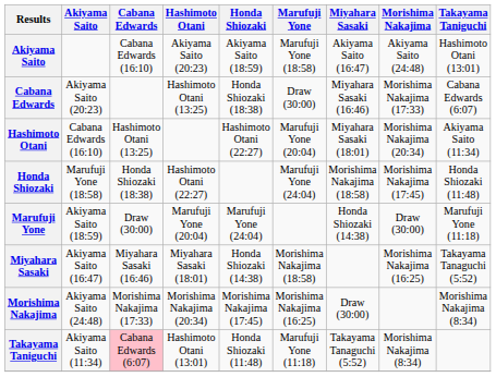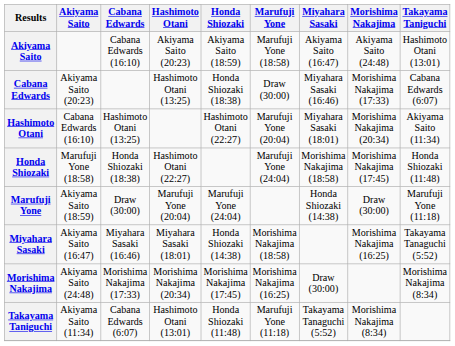 <table class="wikitable" style="margin: 1em auto 1em auto;text-align:center">
 <tr>
 <th>Results</th>
 <th><a href='#'>Akiyama</a><br><a href='#'>Saito</a></th>
 <th><a href='#'>Cabana</a><br><a href='#'>Edwards</a></th>
 <th><a href='#'>Hashimoto</a><br><a href='#'>Otani</a></th>
 <th><a href='#'>Honda</a><br><a href='#'>Shiozaki</a></th>
 <th><a href='#'>Marufuji</a><br><a href='#'>Yone</a></th>
 <th><a href='#'>Miyahara</a><br><a href='#'>Sasaki</a></th>
 <th><a href='#'>Morishima</a><br><a href='#'>Nakajima</a></th>
 <th><a href='#'>Takayama</a><br><a href='#'>Taniguchi</a></th>
 </tr>
 <tr>
 <th><a href='#'>Akiyama</a><br><a href='#'>Saito</a></th>
 <td></td>
 <td>Cabana<br>Edwards<br>(16:10)</td>
 <td>Akiyama<br>Saito<br>(20:23)</td>
 <td>Akiyama<br>Saito<br>(18:59)</td>
 <td>Marufuji<br>Yone<br>(18:58)</td>
 <td>Akiyama<br>Saito<br>(16:47)</td>
 <td>Akiyama<br>Saito<br>(24:48)</td>
 <td>Hashimoto<br>Otani<br>(13:01)</td>
 </tr>
 <tr>
 <th><a href='#'>Cabana</a><br><a href='#'>Edwards</a></th>
 <td>Akiyama<br>Saito<br>(20:23)</td>
 <td></td>
 <td>Hashimoto<br>Otani<br>(13:25)</td>
 <td>Honda<br>Shiozaki<br>(18:38)</td>
 <td>Draw<br>(30:00)</td>
 <td>Miyahara<br>Sasaki<br>(16:46)</td>
 <td>Morishima<br>Nakajima<br>(17:33)</td>
 <td>Cabana<br>Edwards<br>(6:07)</td>
 </tr>
 <tr>
 <th><a href='#'>Hashimoto</a><br><a href='#'>Otani</a></th>
 <td>Cabana<br>Edwards<br>(16:10)</td>
 <td>Hashimoto<br>Otani<br>(13:25)</td>
 <td></td>
 <td>Hashimoto<br>Otani<br>(22:27)</td>
 <td>Marufuji<br>Yone<br>(20:04)</td>
 <td>Miyahara<br>Sasaki<br>(18:01)</td>
 <td>Morishima<br>Nakajima<br>(20:34)</td>
 <td>Akiyama<br>Saito<br>(11:34)</td>
 </tr>
 <tr>
 <th><a href='#'>Honda</a><br><a href='#'>Shiozaki</a></th>
 <td>Marufuji<br>Yone<br>(18:58)</td>
 <td>Honda<br>Shiozaki<br>(18:38)</td>
 <td>Hashimoto<br>Otani<br>(22:27)</td>
 <td></td>
 <td>Marufuji<br>Yone<br>(24:04)</td>
 <td>Morishima<br>Nakajima<br>(18:58)</td>
 <td>Morishima<br>Nakajima<br>(17:45)</td>
 <td>Honda<br>Shiozaki<br>(11:48)</td>
 </tr>
 <tr>
 <th><a href='#'>Marufuji</a><br><a href='#'>Yone</a></th>
 <td>Akiyama<br>Saito<br>(18:59)</td>
 <td>Draw<br>(30:00)</td>
 <td>Marufuji<br>Yone<br>(20:04)</td>
 <td>Marufuji<br>Yone<br>(24:04)</td>
 <td></td>
 <td>Honda<br>Shiozaki<br>(14:38)</td>
 <td>Draw<br>(30:00)</td>
 <td>Marufuji<br>Yone<br>(11:18)</td>
 </tr>
 <tr>
 <th><a href='#'>Miyahara</a><br><a href='#'>Sasaki</a></th>
 <td>Akiyama<br>Saito<br>(16:47)</td>
 <td>Miyahara<br>Sasaki<br>(16:46)</td>
 <td>Miyahara<br>Sasaki<br>(18:01)</td>
 <td>Honda<br>Shiozaki<br>(14:38)</td>
 <td>Morishima<br>Nakajima<br>(18:58)</td>
 <td></td>
 <td>Morishima<br>Nakajima<br>(16:25)</td>
 <td>Takayama<br>Tanaguchi<br>(5:52)</td>
 </tr>
 <tr>
 <th><a href='#'>Morishima</a><br><a href='#'>Nakajima</a></th>
 <td>Akiyama<br>Saito<br>(24:48)</td>
 <td>Morishima<br>Nakajima<br>(17:33)</td>
 <td>Morishima<br>Nakajima<br>(20:34)</td>
 <td>Morishima<br>Nakajima<br>(17:45)</td>
 <td>Morishima<br>Nakajima<br>(16:25)</td>
 <td>Draw<br>(30:00)</td>
 <td></td>
 <td>Morishima<br>Nakajima<br>(8:34)</td>
 </tr>
 <tr>
 <th><a href='#'>Takayama</a><br><a href='#'>Taniguchi</a></th>
 <td>Akiyama<br>Saito<br>(11:34)</td>
-<td style="background: pink;">Cabana<br>Edwards<br>(6:07)</td>
+<td>Cabana<br>Edwards<br>(6:07)</td>
 <td>Hashimoto<br>Otani<br>(13:01)</td>
 <td>Honda<br>Shiozaki<br>(11:48)</td>
 <td>Marufuji<br>Yone<br>(11:18)</td>
 <td>Takayama<br>Tanaguchi<br>(5:52)</td>
 <td>Morishima<br>Nakajima<br>(8:34)</td>
 <td></td>
 </tr>
 <tr>
 </tr>
 </table>
